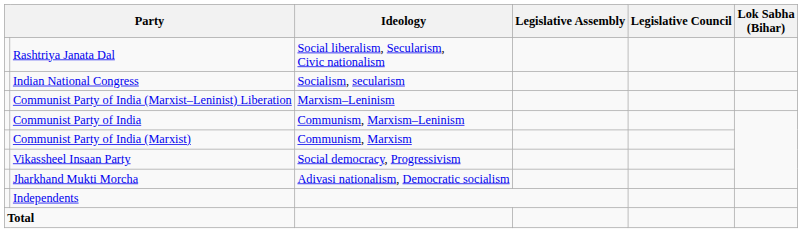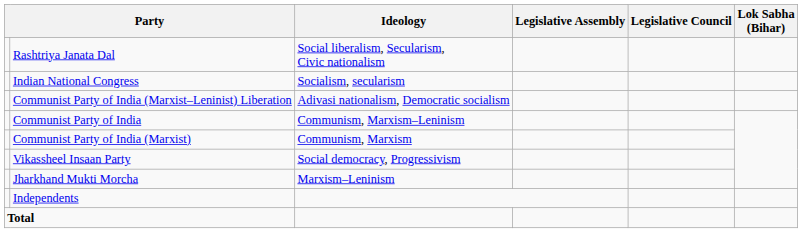 <table class="wikitable sortable" style="font-size:100%">
 <tr>
 <th colspan="2">Party</th>
 <th>Ideology</th>
 <th>Legislative Assembly</th>
 <th>Legislative Council</th>
 <th>Lok Sabha<br>(Bihar)</th>
 </tr>
 <tr>
 <td style="background-color: "></td>
 <td><a href='#'>Rashtriya Janata Dal</a></td>
 <td><a href='#'>Social liberalism</a>, <a href='#'>Secularism</a>,<br><a href='#'>Civic nationalism</a></td>
 <td></td>
 <td></td>
 <td></td>
 </tr>
 <tr>
 <td style="background-color: "></td>
 <td><a href='#'>Indian National Congress</a></td>
 <td><a href='#'>Socialism</a>, <a href='#'>secularism</a></td>
 <td></td>
 <td></td>
 <td></td>
 </tr>
 <tr>
 <td style="background-color: "></td>
 <td><a href='#'>Communist Party of India (Marxist–Leninist) Liberation</a></td>
-<td><a href='#'>Marxism–Leninism</a></td>
+<td><a href='#'>Adivasi nationalism</a>, <a href='#'>Democratic socialism</a></td>
 <td></td>
 <td></td>
 <td></td>
 </tr>
 <tr>
 <td style="background-color: "></td>
 <td><a href='#'>Communist Party of India</a></td>
 <td><a href='#'>Communism</a>, <a href='#'>Marxism–Leninism</a></td>
 <td></td>
 <td></td>
 <td rowspan="4"></td>
 </tr>
 <tr>
 <td style="background-color: "></td>
 <td><a href='#'>Communist Party of India (Marxist)</a></td>
 <td><a href='#'>Communism</a>, <a href='#'>Marxism</a></td>
 <td></td>
 <td></td>
 </tr>
 <tr>
 <td style="background-color: "></td>
 <td><a href='#'>Vikassheel Insaan Party</a></td>
 <td><a href='#'>Social democracy</a>, <a href='#'>Progressivism</a></td>
 <td></td>
 <td></td>
 </tr>
 <tr>
 <td style="background-color: "></td>
 <td><a href='#'>Jharkhand Mukti Morcha</a></td>
-<td><a href='#'>Adivasi nationalism</a>, <a href='#'>Democratic socialism</a></td>
+<td><a href='#'>Marxism–Leninism</a></td>
 <td></td>
 <td></td>
 </tr>
 <tr>
 <td style="background-color: "></td>
 <td><a href='#'>Independents</a></td>
 <td colspan="2"></td>
 <td></td>
 </tr>
 <tr>
 <td colspan="2"><strong>Total</strong></td>
 <td></td>
 <td></td>
 <td></td>
 <td></td>
 </tr>
 </table>
